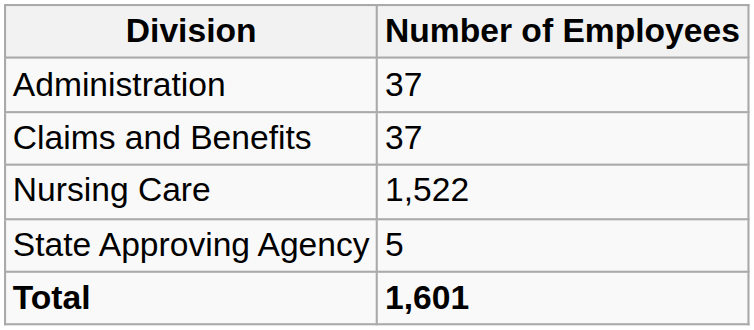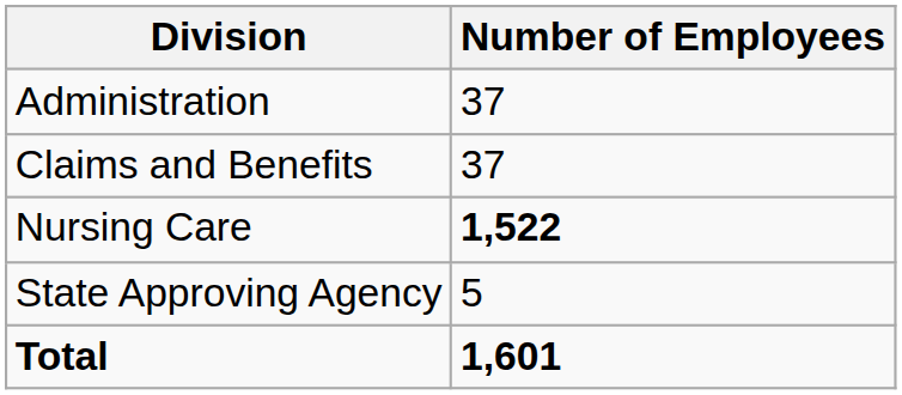 <table border="1" cellspacing="0" cellpadding="5" style="border-collapse:collapse;" class="wikitable">
 <tr>
 <th>Division</th>
 <th>Number of Employees</th>
 </tr>
 <tr>
 <td>Administration</td>
 <td>37</td>
 </tr>
 <tr>
 <td>Claims and Benefits</td>
 <td>37</td>
 </tr>
 <tr>
 <td>Nursing Care</td>
-<td>1,522</td>
+<td><strong>1,522</strong></td>
 </tr>
 <tr>
 <td>State Approving Agency</td>
 <td>5</td>
 </tr>
 <tr>
 <td><strong>Total</strong></td>
 <td><strong>1,601</strong></td>
 </tr>
 </table>
